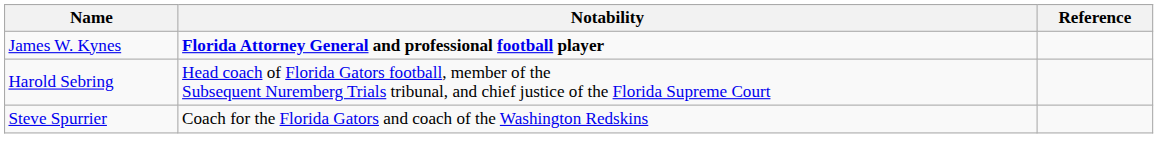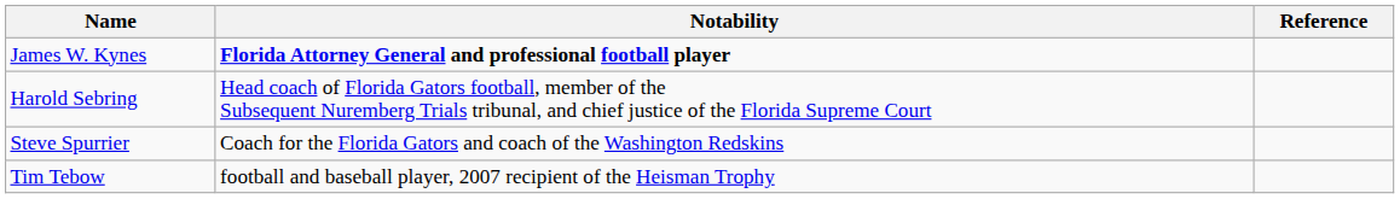 <table class="wikitable sortable" style="width:85%;">
 <tr>
 <th>Name</th>
 <th>Notability</th>
 <th>Reference</th>
 </tr>
 <tr>
 <td><a href='#'>James W. Kynes</a></td>
 <td><strong><a href='#'>Florida Attorney General</a> and professional <a href='#'>football</a> player</strong></td>
 <td></td>
 </tr>
 <tr>
 <td><a href='#'>Harold Sebring</a></td>
 <td><a href='#'>Head coach</a> of <a href='#'>Florida Gators football</a>, member of the<br><a href='#'>Subsequent Nuremberg Trials</a> tribunal, and chief justice  of the <a href='#'>Florida Supreme Court</a></td>
 <td></td>
 </tr>
 <tr>
 <td><a href='#'>Steve Spurrier</a></td>
 <td>Coach for the <a href='#'>Florida Gators</a> and coach of the <a href='#'>Washington Redskins</a></td>
 <td></td>
 </tr>
+<tr>
+<td><a href='#'>Tim Tebow</a></td>
+<td>football and baseball player, 2007 recipient of the <a href='#'>Heisman Trophy</a></td>
+<td></td>
+</tr>
 </table>
